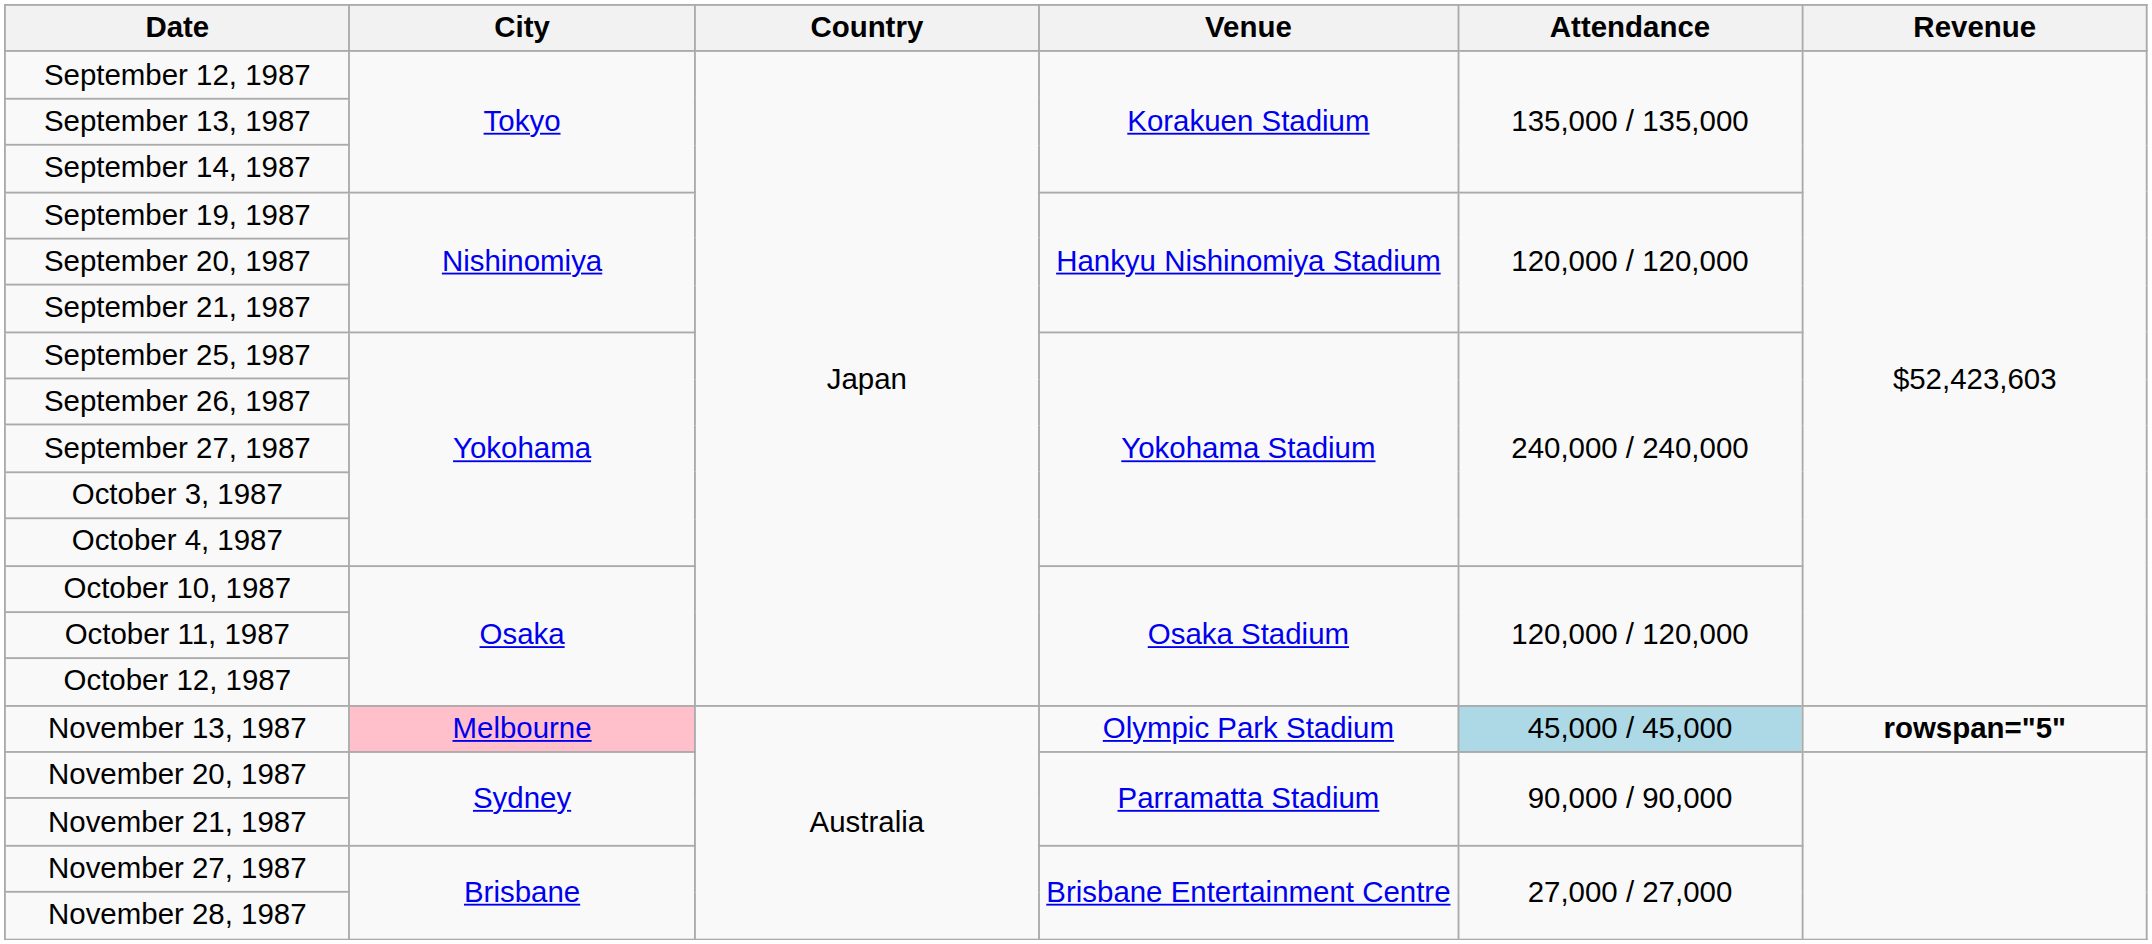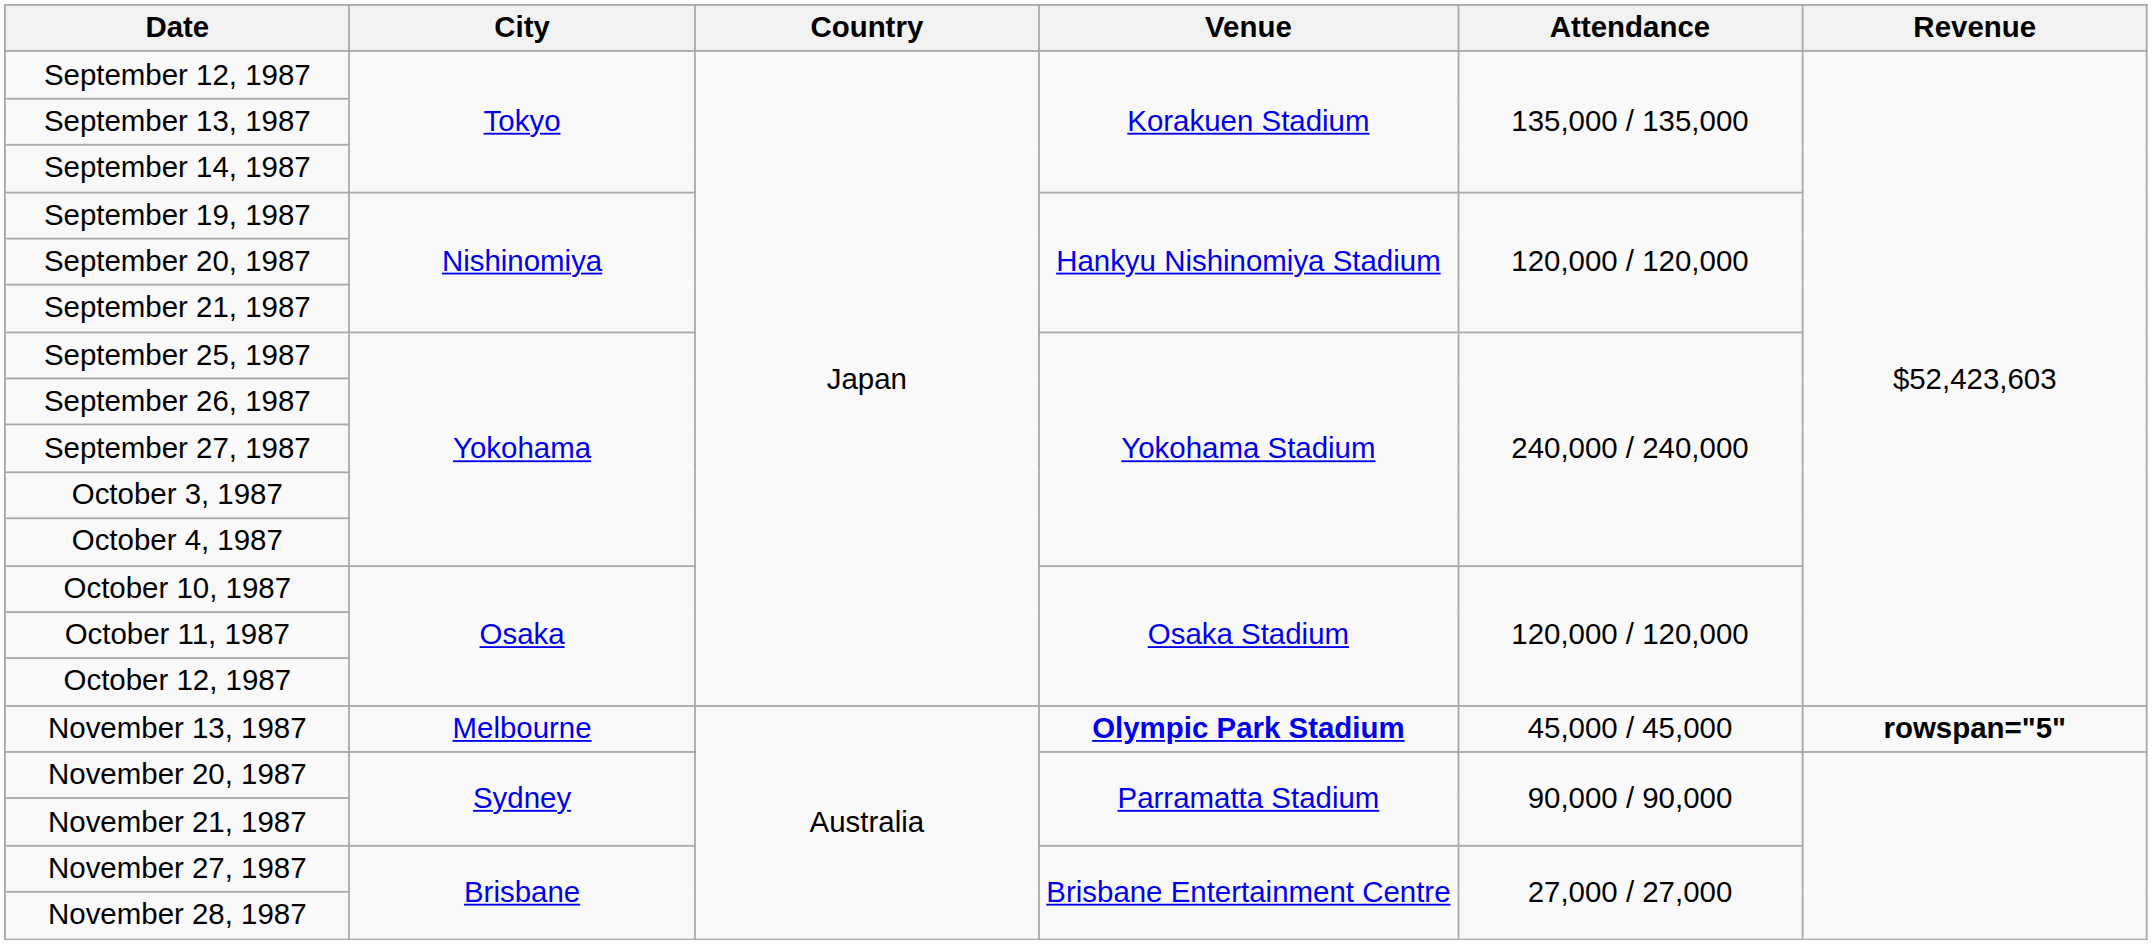 <table class="wikitable" style="text-align:center;">
 <tr>
 <th style="width:180px;">Date</th>
 <th style="width:180px;">City</th>
 <th style="width:180px;">Country</th>
 <th style="width:220px;">Venue</th>
 <th style="width:180px;">Attendance</th>
 <th style="width:180px;">Revenue</th>
 </tr>
 <tr>
 <td>September 12, 1987</td>
 <td rowspan="3"><a href='#'>Tokyo</a></td>
 <td rowspan="14">Japan</td>
 <td rowspan="3"><a href='#'>Korakuen Stadium</a></td>
 <td rowspan="3">135,000 / 135,000</td>
 <td rowspan="14">$52,423,603</td>
 </tr>
 <tr>
 <td>September 13, 1987</td>
 </tr>
 <tr>
 <td>September 14, 1987</td>
 </tr>
 <tr>
 <td>September 19, 1987</td>
 <td rowspan="3"><a href='#'>Nishinomiya</a></td>
 <td rowspan="3"><a href='#'>Hankyu Nishinomiya Stadium</a></td>
 <td rowspan="3">120,000 / 120,000</td>
 </tr>
 <tr>
 <td>September 20, 1987</td>
 </tr>
 <tr>
 <td>September 21, 1987</td>
 </tr>
 <tr>
 <td>September 25, 1987</td>
 <td rowspan="5"><a href='#'>Yokohama</a></td>
 <td rowspan="5"><a href='#'>Yokohama Stadium</a></td>
 <td rowspan="5">240,000 / 240,000</td>
 </tr>
 <tr>
 <td>September 26, 1987</td>
 </tr>
 <tr>
 <td>September 27, 1987</td>
 </tr>
 <tr>
 <td>October 3, 1987</td>
 </tr>
 <tr>
 <td>October 4, 1987</td>
 </tr>
 <tr>
 <td>October 10, 1987</td>
 <td rowspan="3"><a href='#'>Osaka</a></td>
 <td rowspan="3"><a href='#'>Osaka Stadium</a></td>
 <td rowspan="3">120,000 / 120,000</td>
 </tr>
 <tr>
 <td>October 11, 1987</td>
 </tr>
 <tr>
 <td>October 12, 1987</td>
 </tr>
 <tr>
 <td>November 13, 1987</td>
-<td style="background: pink;"><a href='#'>Melbourne</a></td>
+<td><a href='#'>Melbourne</a></td>
 <td rowspan="5">Australia</td>
-<td><a href='#'>Olympic Park Stadium</a></td>
-<td style="background: lightblue;">45,000 / 45,000</td>
+<td><strong><a href='#'>Olympic Park Stadium</a></strong></td>
+<td>45,000 / 45,000</td>
 <td><strong>rowspan="5" </strong></td>
 </tr>
 <tr>
 <td>November 20, 1987</td>
 <td rowspan="2"><a href='#'>Sydney</a></td>
 <td rowspan="2"><a href='#'>Parramatta Stadium</a></td>
 <td rowspan=2>90,000 / 90,000</td>
 </tr>
 <tr>
 <td>November 21, 1987</td>
 </tr>
 <tr>
 <td>November 27, 1987</td>
 <td rowspan="2"><a href='#'>Brisbane</a></td>
 <td rowspan="2"><a href='#'>Brisbane Entertainment Centre</a></td>
 <td rowspan=2>27,000 / 27,000</td>
 </tr>
 <tr>
 <td>November 28, 1987</td>
 </tr>
 </table>
